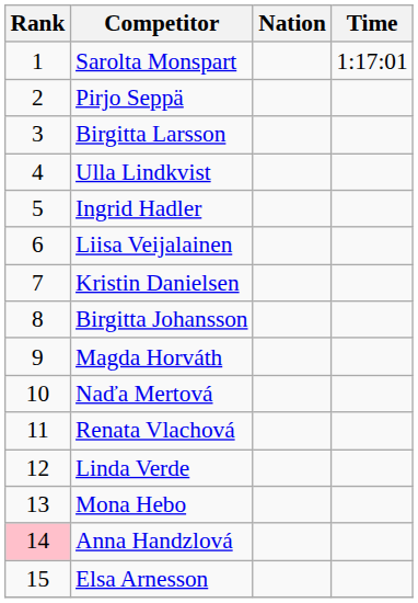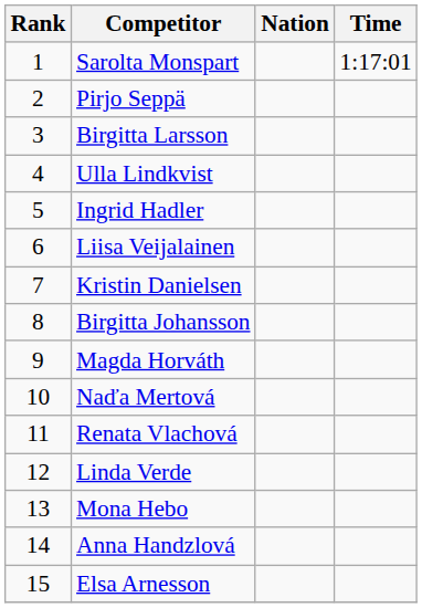 <table class="wikitable sortable" style="text-align:left">
 <tr>
 <th data-sort-type="number">Rank</th>
 <th class="unsortable">Competitor</th>
 <th>Nation</th>
 <th>Time</th>
 </tr>
 <tr>
 <td style="text-align:center">1</td>
 <td><a href='#'>Sarolta Monspart</a></td>
 <td></td>
 <td style="text-align:right">1:17:01</td>
 </tr>
 <tr>
 <td style="text-align:center">2</td>
 <td><a href='#'>Pirjo Seppä</a></td>
 <td></td>
 <td style="text-align:right"></td>
 </tr>
 <tr>
 <td style="text-align:center">3</td>
 <td><a href='#'>Birgitta Larsson</a></td>
 <td></td>
 <td style="text-align:right"></td>
 </tr>
 <tr>
 <td style="text-align:center">4</td>
 <td><a href='#'>Ulla Lindkvist</a></td>
 <td></td>
 <td style="text-align:right"></td>
 </tr>
 <tr>
 <td style="text-align:center">5</td>
 <td><a href='#'>Ingrid Hadler</a></td>
 <td></td>
 <td style="text-align:right"></td>
 </tr>
 <tr>
 <td style="text-align:center">6</td>
 <td><a href='#'>Liisa Veijalainen</a></td>
 <td></td>
 <td style="text-align:right"></td>
 </tr>
 <tr>
 <td style="text-align:center">7</td>
 <td><a href='#'>Kristin Danielsen</a></td>
 <td></td>
 <td style="text-align:right"></td>
 </tr>
 <tr>
 <td style="text-align:center">8</td>
 <td><a href='#'>Birgitta Johansson</a></td>
 <td></td>
 <td style="text-align:right"></td>
 </tr>
 <tr>
 <td style="text-align:center">9</td>
 <td><a href='#'>Magda Horváth</a></td>
 <td></td>
 <td style="text-align:right"></td>
 </tr>
 <tr>
 <td style="text-align:center">10</td>
 <td><a href='#'>Naďa Mertová</a></td>
 <td></td>
 <td style="text-align:right"></td>
 </tr>
 <tr>
 <td style="text-align:center">11</td>
 <td><a href='#'>Renata Vlachová</a></td>
 <td></td>
 <td style="text-align:right"></td>
 </tr>
 <tr>
 <td style="text-align:center">12</td>
 <td><a href='#'>Linda Verde</a></td>
 <td></td>
 <td style="text-align:right"></td>
 </tr>
 <tr>
 <td style="text-align:center">13</td>
 <td><a href='#'>Mona Hebo</a></td>
 <td></td>
 <td style="text-align:right"></td>
 </tr>
 <tr>
-<td style="background: pink; text-align:center">14</td>
+<td style="text-align:center">14</td>
 <td><a href='#'>Anna Handzlová</a></td>
 <td></td>
 <td style="text-align:right"></td>
 </tr>
 <tr>
 <td style="text-align:center">15</td>
 <td><a href='#'>Elsa Arnesson</a></td>
 <td></td>
 <td style="text-align:right"></td>
 </tr>
 <tr>
 </tr>
 </table>
